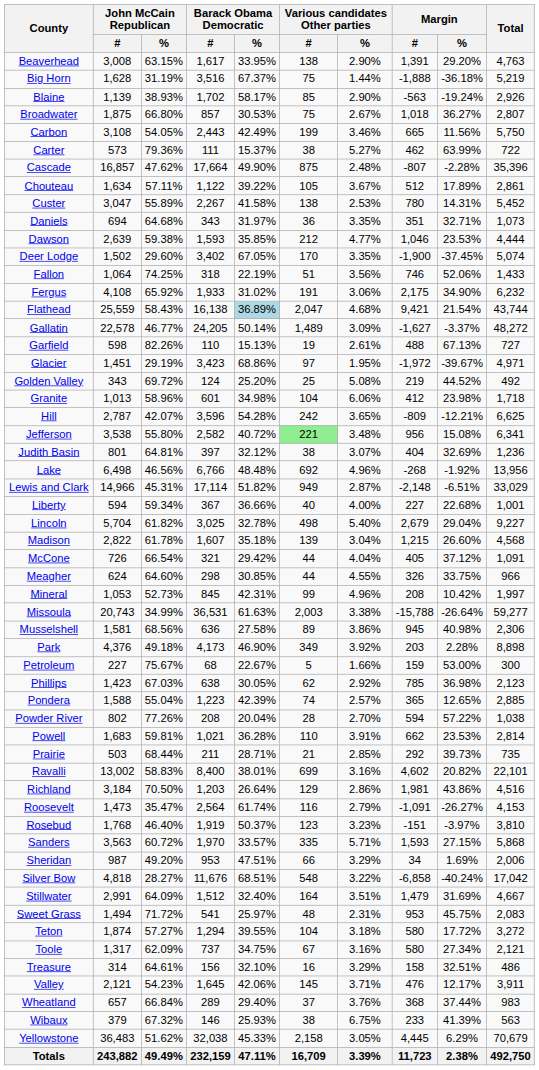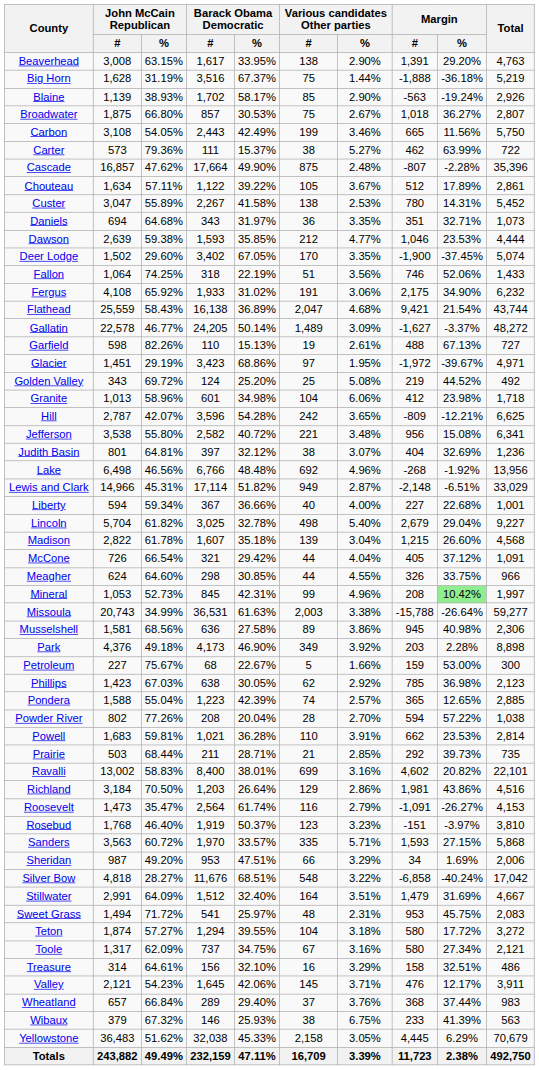 <table width="60%" class="wikitable sortable">
 <tr>
 <th rowspan="2">County</th>
 <th colspan="2">John McCain<br>Republican</th>
 <th colspan="2">Barack Obama<br>Democratic</th>
 <th colspan="2">Various candidates<br>Other parties</th>
 <th colspan="2">Margin</th>
 <th rowspan="2">Total</th>
 </tr>
 <tr>
 <th style="text-align:center;" data-sort-type="number">#</th>
 <th style="text-align:center;" data-sort-type="number">%</th>
 <th style="text-align:center;" data-sort-type="number">#</th>
 <th style="text-align:center;" data-sort-type="number">%</th>
 <th style="text-align:center;" data-sort-type="number">#</th>
 <th style="text-align:center;" data-sort-type="number">%</th>
 <th style="text-align:center;" data-sort-type="number">#</th>
 <th style="text-align:center;" data-sort-type="number">%</th>
 </tr>
 <tr style="text-align:center;">
 <td><a href='#'>Beaverhead</a></td>
 <td>3,008</td>
 <td>63.15%</td>
 <td>1,617</td>
 <td>33.95%</td>
 <td>138</td>
 <td>2.90%</td>
 <td>1,391</td>
 <td>29.20%</td>
 <td>4,763</td>
 </tr>
 <tr style="text-align:center;">
 <td><a href='#'>Big Horn</a></td>
 <td>1,628</td>
 <td>31.19%</td>
 <td>3,516</td>
 <td>67.37%</td>
 <td>75</td>
 <td>1.44%</td>
 <td>-1,888</td>
 <td>-36.18%</td>
 <td>5,219</td>
 </tr>
 <tr style="text-align:center;">
 <td><a href='#'>Blaine</a></td>
 <td>1,139</td>
 <td>38.93%</td>
 <td>1,702</td>
 <td>58.17%</td>
 <td>85</td>
 <td>2.90%</td>
 <td>-563</td>
 <td>-19.24%</td>
 <td>2,926</td>
 </tr>
 <tr style="text-align:center;">
 <td><a href='#'>Broadwater</a></td>
 <td>1,875</td>
 <td>66.80%</td>
 <td>857</td>
 <td>30.53%</td>
 <td>75</td>
 <td>2.67%</td>
 <td>1,018</td>
 <td>36.27%</td>
 <td>2,807</td>
 </tr>
 <tr style="text-align:center;">
 <td><a href='#'>Carbon</a></td>
 <td>3,108</td>
 <td>54.05%</td>
 <td>2,443</td>
 <td>42.49%</td>
 <td>199</td>
 <td>3.46%</td>
 <td>665</td>
 <td>11.56%</td>
 <td>5,750</td>
 </tr>
 <tr style="text-align:center;">
 <td><a href='#'>Carter</a></td>
 <td>573</td>
 <td>79.36%</td>
 <td>111</td>
 <td>15.37%</td>
 <td>38</td>
 <td>5.27%</td>
 <td>462</td>
 <td>63.99%</td>
 <td>722</td>
 </tr>
 <tr style="text-align:center;">
 <td><a href='#'>Cascade</a></td>
 <td>16,857</td>
 <td>47.62%</td>
 <td>17,664</td>
 <td>49.90%</td>
 <td>875</td>
 <td>2.48%</td>
 <td>-807</td>
 <td>-2.28%</td>
 <td>35,396</td>
 </tr>
 <tr style="text-align:center;">
 <td><a href='#'>Chouteau</a></td>
 <td>1,634</td>
 <td>57.11%</td>
 <td>1,122</td>
 <td>39.22%</td>
 <td>105</td>
 <td>3.67%</td>
 <td>512</td>
 <td>17.89%</td>
 <td>2,861</td>
 </tr>
 <tr style="text-align:center;">
 <td><a href='#'>Custer</a></td>
 <td>3,047</td>
 <td>55.89%</td>
 <td>2,267</td>
 <td>41.58%</td>
 <td>138</td>
 <td>2.53%</td>
 <td>780</td>
 <td>14.31%</td>
 <td>5,452</td>
 </tr>
 <tr style="text-align:center;">
 <td><a href='#'>Daniels</a></td>
 <td>694</td>
 <td>64.68%</td>
 <td>343</td>
 <td>31.97%</td>
 <td>36</td>
 <td>3.35%</td>
 <td>351</td>
 <td>32.71%</td>
 <td>1,073</td>
 </tr>
 <tr style="text-align:center;">
 <td><a href='#'>Dawson</a></td>
 <td>2,639</td>
 <td>59.38%</td>
 <td>1,593</td>
 <td>35.85%</td>
 <td>212</td>
 <td>4.77%</td>
 <td>1,046</td>
 <td>23.53%</td>
 <td>4,444</td>
 </tr>
 <tr style="text-align:center;">
 <td><a href='#'>Deer Lodge</a></td>
 <td>1,502</td>
 <td>29.60%</td>
 <td>3,402</td>
 <td>67.05%</td>
 <td>170</td>
 <td>3.35%</td>
 <td>-1,900</td>
 <td>-37.45%</td>
 <td>5,074</td>
 </tr>
 <tr style="text-align:center;">
 <td><a href='#'>Fallon</a></td>
 <td>1,064</td>
 <td>74.25%</td>
 <td>318</td>
 <td>22.19%</td>
 <td>51</td>
 <td>3.56%</td>
 <td>746</td>
 <td>52.06%</td>
 <td>1,433</td>
 </tr>
 <tr style="text-align:center;">
 <td><a href='#'>Fergus</a></td>
 <td>4,108</td>
 <td>65.92%</td>
 <td>1,933</td>
 <td>31.02%</td>
 <td>191</td>
 <td>3.06%</td>
 <td>2,175</td>
 <td>34.90%</td>
 <td>6,232</td>
 </tr>
 <tr style="text-align:center;">
 <td><a href='#'>Flathead</a></td>
 <td>25,559</td>
 <td>58.43%</td>
 <td>16,138</td>
-<td style="background: lightblue;">36.89%</td>
+<td>36.89%</td>
 <td>2,047</td>
 <td>4.68%</td>
 <td>9,421</td>
 <td>21.54%</td>
 <td>43,744</td>
 </tr>
 <tr style="text-align:center;">
 <td><a href='#'>Gallatin</a></td>
 <td>22,578</td>
 <td>46.77%</td>
 <td>24,205</td>
 <td>50.14%</td>
 <td>1,489</td>
 <td>3.09%</td>
 <td>-1,627</td>
 <td>-3.37%</td>
 <td>48,272</td>
 </tr>
 <tr style="text-align:center;">
 <td><a href='#'>Garfield</a></td>
 <td>598</td>
 <td>82.26%</td>
 <td>110</td>
 <td>15.13%</td>
 <td>19</td>
 <td>2.61%</td>
 <td>488</td>
 <td>67.13%</td>
 <td>727</td>
 </tr>
 <tr style="text-align:center;">
 <td><a href='#'>Glacier</a></td>
 <td>1,451</td>
 <td>29.19%</td>
 <td>3,423</td>
 <td>68.86%</td>
 <td>97</td>
 <td>1.95%</td>
 <td>-1,972</td>
 <td>-39.67%</td>
 <td>4,971</td>
 </tr>
 <tr style="text-align:center;">
 <td><a href='#'>Golden Valley</a></td>
 <td>343</td>
 <td>69.72%</td>
 <td>124</td>
 <td>25.20%</td>
 <td>25</td>
 <td>5.08%</td>
 <td>219</td>
 <td>44.52%</td>
 <td>492</td>
 </tr>
 <tr style="text-align:center;">
 <td><a href='#'>Granite</a></td>
 <td>1,013</td>
 <td>58.96%</td>
 <td>601</td>
 <td>34.98%</td>
 <td>104</td>
 <td>6.06%</td>
 <td>412</td>
 <td>23.98%</td>
 <td>1,718</td>
 </tr>
 <tr style="text-align:center;">
 <td><a href='#'>Hill</a></td>
 <td>2,787</td>
 <td>42.07%</td>
 <td>3,596</td>
 <td>54.28%</td>
 <td>242</td>
 <td>3.65%</td>
 <td>-809</td>
 <td>-12.21%</td>
 <td>6,625</td>
 </tr>
 <tr style="text-align:center;">
 <td><a href='#'>Jefferson</a></td>
 <td>3,538</td>
 <td>55.80%</td>
 <td>2,582</td>
 <td>40.72%</td>
-<td style="background: lightgreen;">221</td>
+<td>221</td>
 <td>3.48%</td>
 <td>956</td>
 <td>15.08%</td>
 <td>6,341</td>
 </tr>
 <tr style="text-align:center;">
 <td><a href='#'>Judith Basin</a></td>
 <td>801</td>
 <td>64.81%</td>
 <td>397</td>
 <td>32.12%</td>
 <td>38</td>
 <td>3.07%</td>
 <td>404</td>
 <td>32.69%</td>
 <td>1,236</td>
 </tr>
 <tr style="text-align:center;">
 <td><a href='#'>Lake</a></td>
 <td>6,498</td>
 <td>46.56%</td>
 <td>6,766</td>
 <td>48.48%</td>
 <td>692</td>
 <td>4.96%</td>
 <td>-268</td>
 <td>-1.92%</td>
 <td>13,956</td>
 </tr>
 <tr style="text-align:center;">
 <td><a href='#'>Lewis and Clark</a></td>
 <td>14,966</td>
 <td>45.31%</td>
 <td>17,114</td>
 <td>51.82%</td>
 <td>949</td>
 <td>2.87%</td>
 <td>-2,148</td>
 <td>-6.51%</td>
 <td>33,029</td>
 </tr>
 <tr style="text-align:center;">
 <td><a href='#'>Liberty</a></td>
 <td>594</td>
 <td>59.34%</td>
 <td>367</td>
 <td>36.66%</td>
 <td>40</td>
 <td>4.00%</td>
 <td>227</td>
 <td>22.68%</td>
 <td>1,001</td>
 </tr>
 <tr style="text-align:center;">
 <td><a href='#'>Lincoln</a></td>
 <td>5,704</td>
 <td>61.82%</td>
 <td>3,025</td>
 <td>32.78%</td>
 <td>498</td>
 <td>5.40%</td>
 <td>2,679</td>
 <td>29.04%</td>
 <td>9,227</td>
 </tr>
 <tr style="text-align:center;">
 <td><a href='#'>Madison</a></td>
 <td>2,822</td>
 <td>61.78%</td>
 <td>1,607</td>
 <td>35.18%</td>
 <td>139</td>
 <td>3.04%</td>
 <td>1,215</td>
 <td>26.60%</td>
 <td>4,568</td>
 </tr>
 <tr style="text-align:center;">
 <td><a href='#'>McCone</a></td>
 <td>726</td>
 <td>66.54%</td>
 <td>321</td>
 <td>29.42%</td>
 <td>44</td>
 <td>4.04%</td>
 <td>405</td>
 <td>37.12%</td>
 <td>1,091</td>
 </tr>
 <tr style="text-align:center;">
 <td><a href='#'>Meagher</a></td>
 <td>624</td>
 <td>64.60%</td>
 <td>298</td>
 <td>30.85%</td>
 <td>44</td>
 <td>4.55%</td>
 <td>326</td>
 <td>33.75%</td>
 <td>966</td>
 </tr>
 <tr style="text-align:center;">
 <td><a href='#'>Mineral</a></td>
 <td>1,053</td>
 <td>52.73%</td>
 <td>845</td>
 <td>42.31%</td>
 <td>99</td>
 <td>4.96%</td>
 <td>208</td>
-<td>10.42%</td>
+<td style="background: lightgreen;">10.42%</td>
 <td>1,997</td>
 </tr>
 <tr style="text-align:center;">
 <td><a href='#'>Missoula</a></td>
 <td>20,743</td>
 <td>34.99%</td>
 <td>36,531</td>
 <td>61.63%</td>
 <td>2,003</td>
 <td>3.38%</td>
 <td>-15,788</td>
 <td>-26.64%</td>
 <td>59,277</td>
 </tr>
 <tr style="text-align:center;">
 <td><a href='#'>Musselshell</a></td>
 <td>1,581</td>
 <td>68.56%</td>
 <td>636</td>
 <td>27.58%</td>
 <td>89</td>
 <td>3.86%</td>
 <td>945</td>
 <td>40.98%</td>
 <td>2,306</td>
 </tr>
 <tr style="text-align:center;">
 <td><a href='#'>Park</a></td>
 <td>4,376</td>
 <td>49.18%</td>
 <td>4,173</td>
 <td>46.90%</td>
 <td>349</td>
 <td>3.92%</td>
 <td>203</td>
 <td>2.28%</td>
 <td>8,898</td>
 </tr>
 <tr style="text-align:center;">
 <td><a href='#'>Petroleum</a></td>
 <td>227</td>
 <td>75.67%</td>
 <td>68</td>
 <td>22.67%</td>
 <td>5</td>
 <td>1.66%</td>
 <td>159</td>
 <td>53.00%</td>
 <td>300</td>
 </tr>
 <tr style="text-align:center;">
 <td><a href='#'>Phillips</a></td>
 <td>1,423</td>
 <td>67.03%</td>
 <td>638</td>
 <td>30.05%</td>
 <td>62</td>
 <td>2.92%</td>
 <td>785</td>
 <td>36.98%</td>
 <td>2,123</td>
 </tr>
 <tr style="text-align:center;">
 <td><a href='#'>Pondera</a></td>
 <td>1,588</td>
 <td>55.04%</td>
 <td>1,223</td>
 <td>42.39%</td>
 <td>74</td>
 <td>2.57%</td>
 <td>365</td>
 <td>12.65%</td>
 <td>2,885</td>
 </tr>
 <tr style="text-align:center;">
 <td><a href='#'>Powder River</a></td>
 <td>802</td>
 <td>77.26%</td>
 <td>208</td>
 <td>20.04%</td>
 <td>28</td>
 <td>2.70%</td>
 <td>594</td>
 <td>57.22%</td>
 <td>1,038</td>
 </tr>
 <tr style="text-align:center;">
 <td><a href='#'>Powell</a></td>
 <td>1,683</td>
 <td>59.81%</td>
 <td>1,021</td>
 <td>36.28%</td>
 <td>110</td>
 <td>3.91%</td>
 <td>662</td>
 <td>23.53%</td>
 <td>2,814</td>
 </tr>
 <tr style="text-align:center;">
 <td><a href='#'>Prairie</a></td>
 <td>503</td>
 <td>68.44%</td>
 <td>211</td>
 <td>28.71%</td>
 <td>21</td>
 <td>2.85%</td>
 <td>292</td>
 <td>39.73%</td>
 <td>735</td>
 </tr>
 <tr style="text-align:center;">
 <td><a href='#'>Ravalli</a></td>
 <td>13,002</td>
 <td>58.83%</td>
 <td>8,400</td>
 <td>38.01%</td>
 <td>699</td>
 <td>3.16%</td>
 <td>4,602</td>
 <td>20.82%</td>
 <td>22,101</td>
 </tr>
 <tr style="text-align:center;">
 <td><a href='#'>Richland</a></td>
 <td>3,184</td>
 <td>70.50%</td>
 <td>1,203</td>
 <td>26.64%</td>
 <td>129</td>
 <td>2.86%</td>
 <td>1,981</td>
 <td>43.86%</td>
 <td>4,516</td>
 </tr>
 <tr style="text-align:center;">
 <td><a href='#'>Roosevelt</a></td>
 <td>1,473</td>
 <td>35.47%</td>
 <td>2,564</td>
 <td>61.74%</td>
 <td>116</td>
 <td>2.79%</td>
 <td>-1,091</td>
 <td>-26.27%</td>
 <td>4,153</td>
 </tr>
 <tr style="text-align:center;">
 <td><a href='#'>Rosebud</a></td>
 <td>1,768</td>
 <td>46.40%</td>
 <td>1,919</td>
 <td>50.37%</td>
 <td>123</td>
 <td>3.23%</td>
 <td>-151</td>
 <td>-3.97%</td>
 <td>3,810</td>
 </tr>
 <tr style="text-align:center;">
 <td><a href='#'>Sanders</a></td>
 <td>3,563</td>
 <td>60.72%</td>
 <td>1,970</td>
 <td>33.57%</td>
 <td>335</td>
 <td>5.71%</td>
 <td>1,593</td>
 <td>27.15%</td>
 <td>5,868</td>
 </tr>
 <tr style="text-align:center;">
 <td><a href='#'>Sheridan</a></td>
 <td>987</td>
 <td>49.20%</td>
 <td>953</td>
 <td>47.51%</td>
 <td>66</td>
 <td>3.29%</td>
 <td>34</td>
 <td>1.69%</td>
 <td>2,006</td>
 </tr>
 <tr style="text-align:center;">
 <td><a href='#'>Silver Bow</a></td>
 <td>4,818</td>
 <td>28.27%</td>
 <td>11,676</td>
 <td>68.51%</td>
 <td>548</td>
 <td>3.22%</td>
 <td>-6,858</td>
 <td>-40.24%</td>
 <td>17,042</td>
 </tr>
 <tr style="text-align:center;">
 <td><a href='#'>Stillwater</a></td>
 <td>2,991</td>
 <td>64.09%</td>
 <td>1,512</td>
 <td>32.40%</td>
 <td>164</td>
 <td>3.51%</td>
 <td>1,479</td>
 <td>31.69%</td>
 <td>4,667</td>
 </tr>
 <tr style="text-align:center;">
 <td><a href='#'>Sweet Grass</a></td>
 <td>1,494</td>
 <td>71.72%</td>
 <td>541</td>
 <td>25.97%</td>
 <td>48</td>
 <td>2.31%</td>
 <td>953</td>
 <td>45.75%</td>
 <td>2,083</td>
 </tr>
 <tr style="text-align:center;">
 <td><a href='#'>Teton</a></td>
 <td>1,874</td>
 <td>57.27%</td>
 <td>1,294</td>
 <td>39.55%</td>
 <td>104</td>
 <td>3.18%</td>
 <td>580</td>
 <td>17.72%</td>
 <td>3,272</td>
 </tr>
 <tr style="text-align:center;">
 <td><a href='#'>Toole</a></td>
 <td>1,317</td>
 <td>62.09%</td>
 <td>737</td>
 <td>34.75%</td>
 <td>67</td>
 <td>3.16%</td>
 <td>580</td>
 <td>27.34%</td>
 <td>2,121</td>
 </tr>
 <tr style="text-align:center;">
 <td><a href='#'>Treasure</a></td>
 <td>314</td>
 <td>64.61%</td>
 <td>156</td>
 <td>32.10%</td>
 <td>16</td>
 <td>3.29%</td>
 <td>158</td>
 <td>32.51%</td>
 <td>486</td>
 </tr>
 <tr style="text-align:center;">
 <td><a href='#'>Valley</a></td>
 <td>2,121</td>
 <td>54.23%</td>
 <td>1,645</td>
 <td>42.06%</td>
 <td>145</td>
 <td>3.71%</td>
 <td>476</td>
 <td>12.17%</td>
 <td>3,911</td>
 </tr>
 <tr style="text-align:center;">
 <td><a href='#'>Wheatland</a></td>
 <td>657</td>
 <td>66.84%</td>
 <td>289</td>
 <td>29.40%</td>
 <td>37</td>
 <td>3.76%</td>
 <td>368</td>
 <td>37.44%</td>
 <td>983</td>
 </tr>
 <tr style="text-align:center;">
 <td><a href='#'>Wibaux</a></td>
 <td>379</td>
 <td>67.32%</td>
 <td>146</td>
 <td>25.93%</td>
 <td>38</td>
 <td>6.75%</td>
 <td>233</td>
 <td>41.39%</td>
 <td>563</td>
 </tr>
 <tr style="text-align:center;">
 <td><a href='#'>Yellowstone</a></td>
 <td>36,483</td>
 <td>51.62%</td>
 <td>32,038</td>
 <td>45.33%</td>
 <td>2,158</td>
 <td>3.05%</td>
 <td>4,445</td>
 <td>6.29%</td>
 <td>70,679</td>
 </tr>
 <tr>
 <th>Totals</th>
 <th>243,882</th>
 <th>49.49%</th>
 <th>232,159</th>
 <th>47.11%</th>
 <th>16,709</th>
 <th>3.39%</th>
 <th>11,723</th>
 <th>2.38%</th>
 <th>492,750</th>
 </tr>
 </table>
